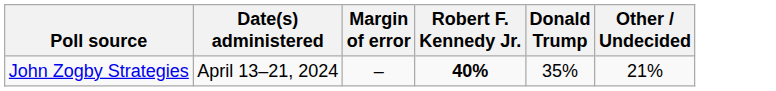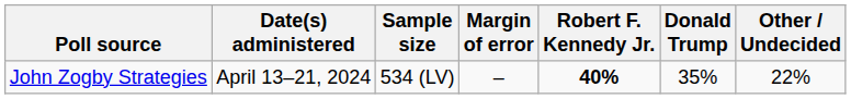 <table class="wikitable sortable mw-datatable" style="font-size:90%;text-align:center;line-height:17px">
 <tr valign=bottom>
 <th>Poll source</th>
 <th>Date(s)<br>administered</th>
+<th>Sample<br>size</th>
 <th>Margin<br>of error</th>
 <th class="unsortable">Robert F.<br>Kennedy Jr.<br></th>
 <th class="unsortable">Donald<br>Trump<br></th>
 <th class="unsortable">Other /<br>Undecided</th>
 </tr>
 <tr>
 <td style="text-align:left;"><a href='#'>John Zogby Strategies</a></td>
 <td data-sort-value="2024-05-01">April 13–21, 2024</td>
+<td>534 (LV)</td>
 <td>–</td>
 <td style="background-color:"><strong>40%</strong></td>
 <td>35%</td>
-<td>21%</td>
+<td>22%</td>
 </tr>
 </table>
